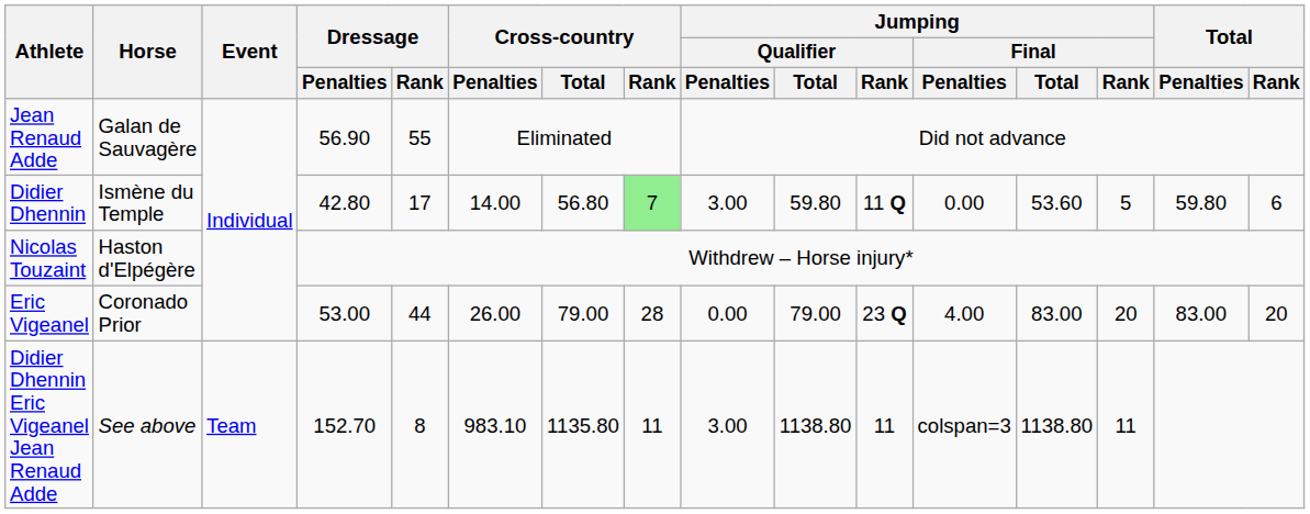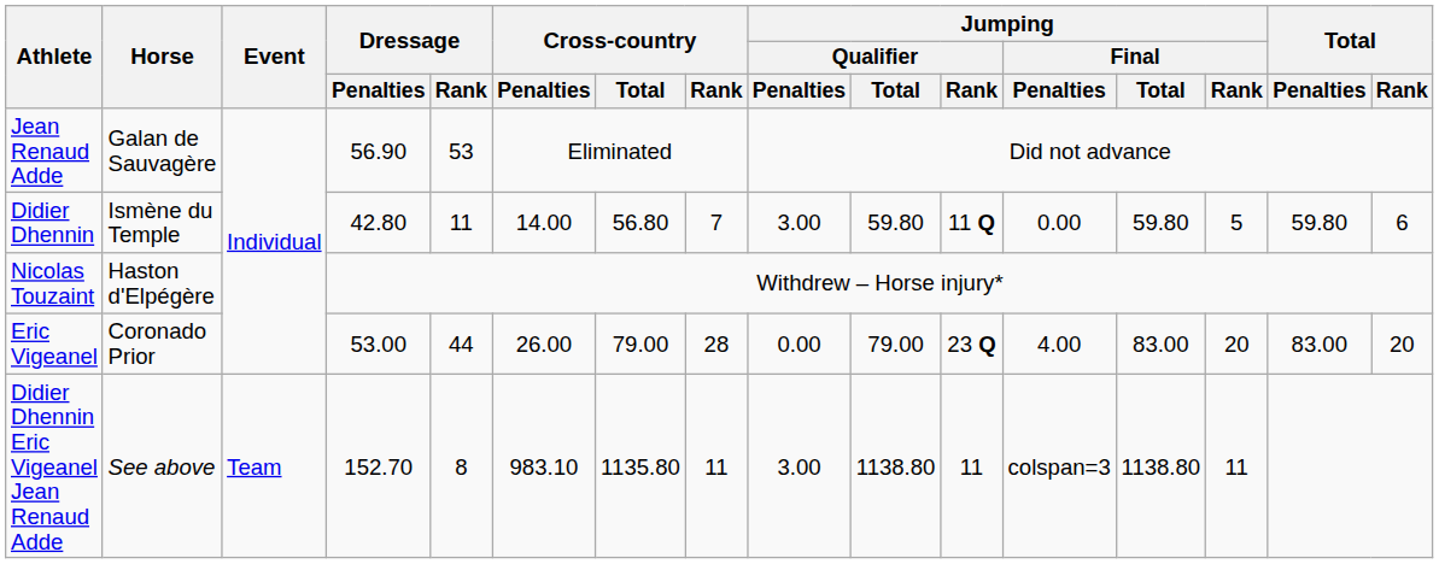 <table class=wikitable style="font-size:90%">
 <tr>
 <th rowspan="3">Athlete</th>
 <th rowspan="3">Horse</th>
 <th rowspan="3">Event</th>
 <th colspan="2" rowspan="2">Dressage</th>
 <th colspan="3" rowspan="2">Cross-country</th>
 <th colspan="6">Jumping</th>
 <th colspan="2" rowspan="2">Total</th>
 </tr>
 <tr style="font-size:95%">
 <th colspan="3">Qualifier</th>
 <th colspan="3">Final</th>
 </tr>
 <tr style="font-size:95%">
 <th>Penalties</th>
 <th>Rank</th>
 <th>Penalties</th>
 <th>Total</th>
 <th>Rank</th>
 <th>Penalties</th>
 <th>Total</th>
 <th>Rank</th>
 <th>Penalties</th>
 <th>Total</th>
 <th>Rank</th>
 <th>Penalties</th>
 <th>Rank</th>
 </tr>
 <tr align=center>
 <td align=left><a href='#'>Jean Renaud Adde</a></td>
 <td align=left>Galan de Sauvagère</td>
 <td align=left rowspan=4><a href='#'>Individual</a></td>
 <td>56.90</td>
-<td>55</td>
+<td>53</td>
 <td colspan=3>Eliminated</td>
 <td colspan=8>Did not advance</td>
 </tr>
 <tr align=center>
 <td align=left><a href='#'>Didier Dhennin</a></td>
 <td align=left>Ismène du Temple</td>
 <td>42.80</td>
-<td>17</td>
+<td>11</td>
 <td>14.00</td>
 <td>56.80</td>
-<td style="background: lightgreen;">7</td>
+<td>7</td>
 <td>3.00</td>
 <td>59.80</td>
 <td>11 <strong>Q</strong></td>
 <td>0.00</td>
-<td>53.60</td>
+<td>59.80</td>
 <td>5</td>
 <td>59.80</td>
 <td>6</td>
 </tr>
 <tr align=center>
 <td align=left><a href='#'>Nicolas Touzaint</a></td>
 <td align=left>Haston d'Elpégère</td>
 <td colspan=13>Withdrew – Horse injury*</td>
 </tr>
 <tr align=center>
 <td align=left><a href='#'>Eric Vigeanel</a></td>
 <td align=left>Coronado Prior</td>
 <td>53.00</td>
 <td>44</td>
 <td>26.00</td>
 <td>79.00</td>
 <td>28</td>
 <td>0.00</td>
 <td>79.00</td>
 <td>23 <strong>Q</strong></td>
 <td>4.00</td>
 <td>83.00</td>
 <td>20</td>
 <td>83.00</td>
 <td>20</td>
 </tr>
 <tr align=center>
 <td align=left><a href='#'>Didier Dhennin</a><br><a href='#'>Eric Vigeanel</a><br><a href='#'>Jean Renaud Adde</a></td>
 <td align=left><em>See above</em></td>
 <td align=left><a href='#'>Team</a></td>
 <td>152.70</td>
 <td>8</td>
 <td>983.10</td>
 <td>1135.80</td>
 <td>11</td>
 <td>3.00</td>
 <td>1138.80</td>
 <td>11</td>
 <td>colspan=3 </td>
 <td>1138.80</td>
 <td>11</td>
 </tr>
 </table>
